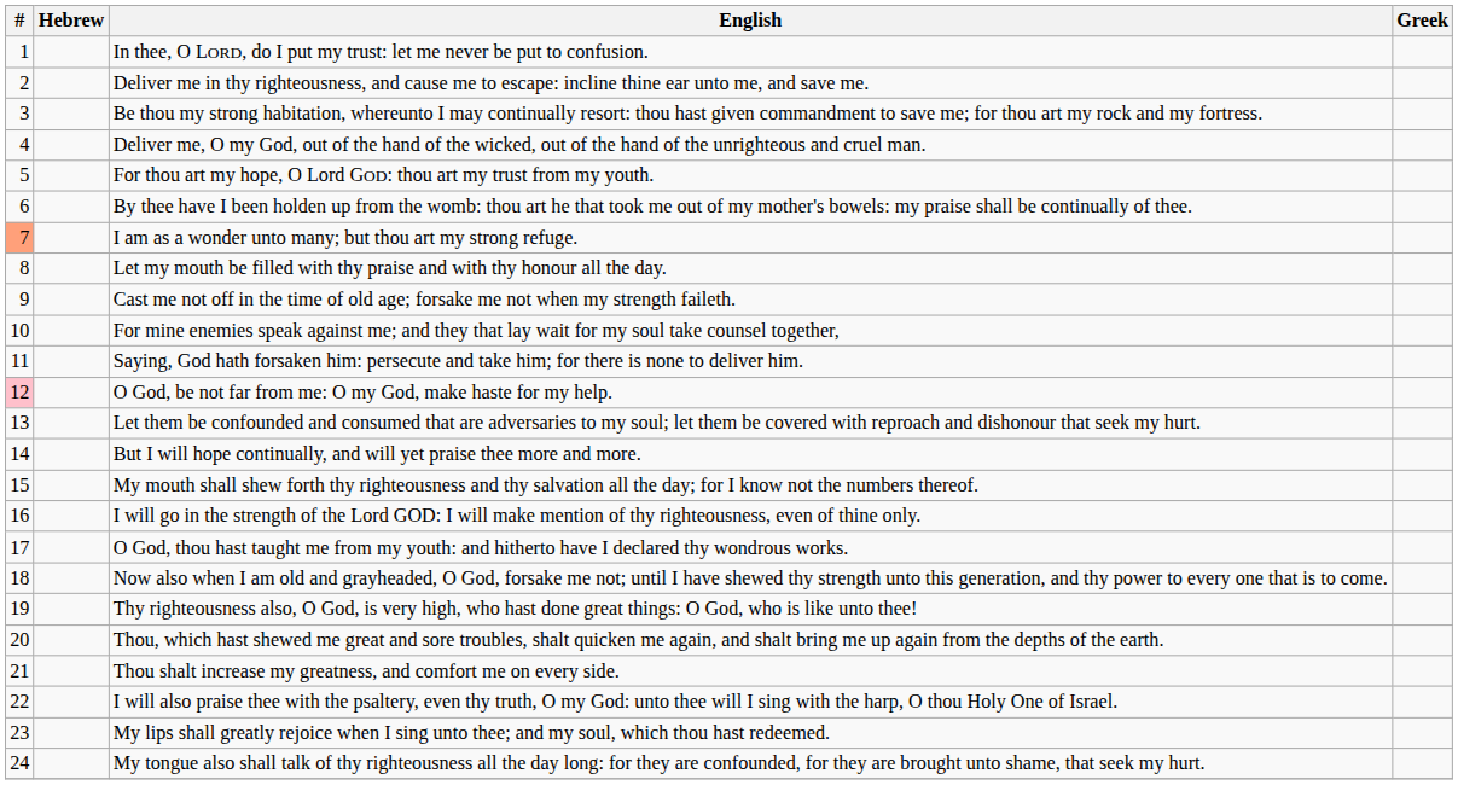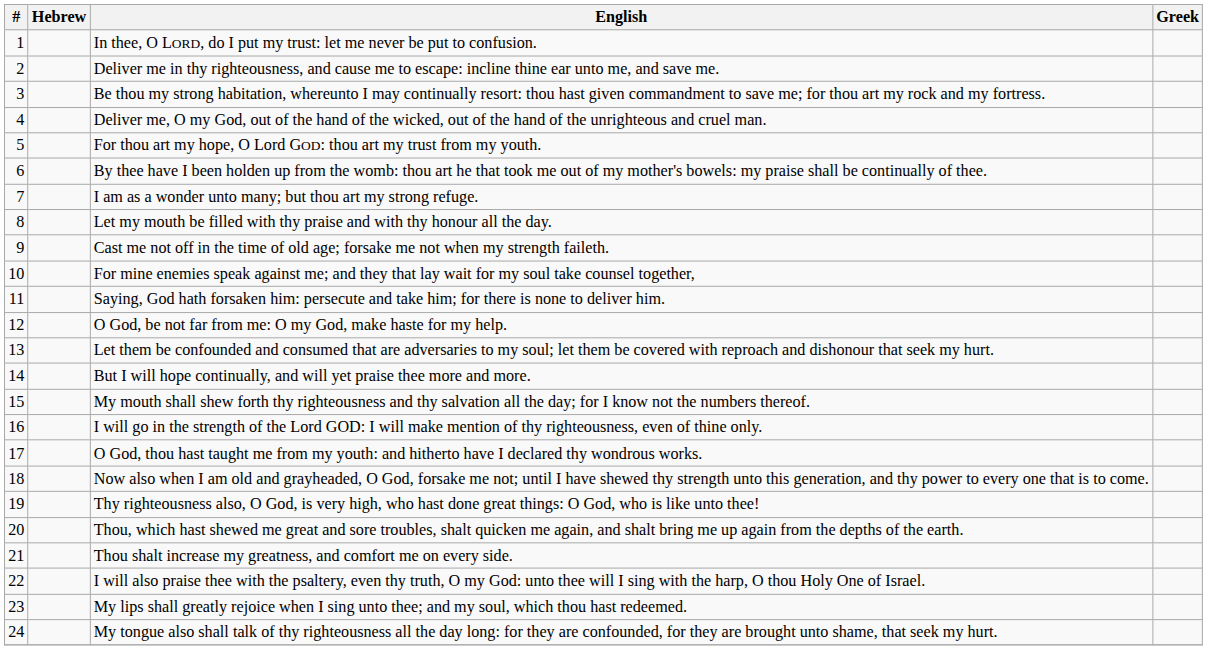 <table class=wikitable>
 <tr>
 <th>#</th>
 <th>Hebrew</th>
 <th>English</th>
 <th>Greek</th>
 </tr>
 <tr>
 <td style="text-align:right">1</td>
 <td style="text-align:right"></td>
 <td>In thee, O L<small>ORD</small>, do I put my trust: let me never be put to confusion.</td>
 <td></td>
 </tr>
 <tr>
 <td style="text-align:right">2</td>
 <td style="text-align:right"></td>
 <td>Deliver me in thy righteousness, and cause me to escape: incline thine ear unto me, and save me.</td>
 <td></td>
 </tr>
 <tr>
 <td style="text-align:right">3</td>
 <td style="text-align:right"></td>
 <td>Be thou my strong habitation, whereunto I may continually resort: thou hast given commandment to save me; for thou art my rock and my fortress.</td>
 <td></td>
 </tr>
 <tr>
 <td style="text-align:right">4</td>
 <td style="text-align:right"></td>
 <td>Deliver me, O my God, out of the hand of the wicked, out of the hand of the unrighteous and cruel man.</td>
 <td></td>
 </tr>
 <tr>
 <td style="text-align:right">5</td>
 <td style="text-align:right"></td>
 <td>For thou art my hope, O Lord G<small>OD</small>: thou art my trust from my youth.</td>
 <td></td>
 </tr>
 <tr>
 <td style="text-align:right">6</td>
 <td style="text-align:right"></td>
 <td>By thee have I been holden up from the womb: thou art he that took me out of my mother's bowels: my praise shall be continually of thee.</td>
 <td></td>
 </tr>
 <tr>
-<td style="background: lightsalmon; text-align:right">7</td>
+<td style="text-align:right">7</td>
 <td style="text-align:right"></td>
 <td>I am as a wonder unto many; but thou art my strong refuge.</td>
 <td></td>
 </tr>
 <tr>
 <td style="text-align:right">8</td>
 <td style="text-align:right"></td>
 <td>Let my mouth be filled with thy praise and with thy honour all the day.</td>
 <td></td>
 </tr>
 <tr>
 <td style="text-align:right">9</td>
 <td style="text-align:right"></td>
 <td>Cast me not off in the time of old age; forsake me not when my strength faileth.</td>
 <td></td>
 </tr>
 <tr>
 <td style="text-align:right">10</td>
 <td style="text-align:right"></td>
 <td>For mine enemies speak against me; and they that lay wait for my soul take counsel together,</td>
 <td></td>
 </tr>
 <tr>
 <td style="text-align:right">11</td>
 <td style="text-align:right"></td>
 <td>Saying, God hath forsaken him: persecute and take him; for there is none to deliver him.</td>
 <td></td>
 </tr>
 <tr>
-<td style="background: pink; text-align:right">12</td>
+<td style="text-align:right">12</td>
 <td style="text-align:right"></td>
 <td>O God, be not far from me: O my God, make haste for my help.</td>
 <td></td>
 </tr>
 <tr>
 <td style="text-align:right">13</td>
 <td style="text-align:right"></td>
 <td>Let them be confounded and consumed that are adversaries to my soul; let them be covered with reproach and dishonour that seek my hurt.</td>
 <td></td>
 </tr>
 <tr>
 <td style="text-align:right">14</td>
 <td style="text-align:right"></td>
 <td>But I will hope continually, and will yet praise thee more and more.</td>
 <td></td>
 </tr>
 <tr>
 <td style="text-align:right">15</td>
 <td style="text-align:right"></td>
 <td>My mouth shall shew forth thy righteousness and thy salvation all the day; for I know not the numbers thereof.</td>
 <td></td>
 </tr>
 <tr>
 <td style="text-align:right">16</td>
 <td style="text-align:right"></td>
 <td>I will go in the strength of the Lord GOD: I will make mention of thy righteousness, even of thine only.</td>
 <td></td>
 </tr>
 <tr>
 <td style="text-align:right">17</td>
 <td style="text-align:right"></td>
 <td>O God, thou hast taught me from my youth: and hitherto have I declared thy wondrous works.</td>
 <td></td>
 </tr>
 <tr>
 <td style="text-align:right">18</td>
 <td style="text-align:right"></td>
 <td>Now also when I am old and grayheaded, O God, forsake me not; until I have shewed thy strength unto this generation, and thy power to every one that is to come.</td>
 <td></td>
 </tr>
 <tr>
 <td style="text-align:right">19</td>
 <td style="text-align:right"></td>
 <td>Thy righteousness also, O God, is very high, who hast done great things: O God, who is like unto thee!</td>
 <td></td>
 </tr>
 <tr>
 <td style="text-align:right">20</td>
 <td style="text-align:right"></td>
 <td>Thou, which hast shewed me great and sore troubles, shalt quicken me again, and shalt bring me up again from the depths of the earth.</td>
 <td></td>
 </tr>
 <tr>
 <td style="text-align:right">21</td>
 <td style="text-align:right"></td>
 <td>Thou shalt increase my greatness, and comfort me on every side.</td>
 <td></td>
 </tr>
 <tr>
 <td style="text-align:right">22</td>
 <td style="text-align:right"></td>
 <td>I will also praise thee with the psaltery, even thy truth, O my God: unto thee will I sing with the harp, O thou Holy One of Israel.</td>
 <td></td>
 </tr>
 <tr>
 <td style="text-align:right">23</td>
 <td style="text-align:right"></td>
 <td>My lips shall greatly rejoice when I sing unto thee; and my soul, which thou hast redeemed.</td>
 <td></td>
 </tr>
 <tr>
 <td style="text-align:right">24</td>
 <td style="text-align:right"></td>
 <td>My tongue also shall talk of thy righteousness all the day long: for they are confounded, for they are brought unto shame, that seek my hurt.</td>
 <td></td>
 </tr>
 <tr>
 </tr>
 </table>
